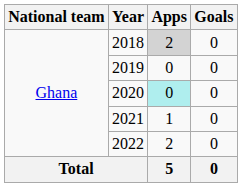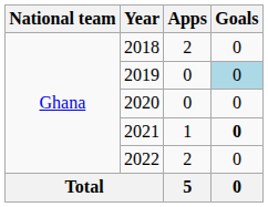 <table class="wikitable" style="text-align:center">
 <tr>
 <th>National team</th>
 <th>Year</th>
 <th>Apps</th>
 <th>Goals</th>
 </tr>
 <tr>
 <td rowspan="5"><a href='#'>Ghana</a></td>
 <td>2018</td>
-<td style="background: lightgrey;">2</td>
+<td>2</td>
 <td>0</td>
 </tr>
 <tr>
 <td>2019</td>
 <td>0</td>
-<td>0</td>
+<td style="background: lightblue;">0</td>
 </tr>
 <tr>
 <td>2020</td>
-<td style="background: paleturquoise;">0</td>
+<td>0</td>
 <td>0</td>
 </tr>
 <tr>
 <td>2021</td>
 <td>1</td>
-<td>0</td>
+<td><strong>0</strong></td>
 </tr>
 <tr>
 <td>2022</td>
 <td>2</td>
 <td>0</td>
 </tr>
 <tr>
 <th colspan="2">Total</th>
 <th>5</th>
 <th>0</th>
 </tr>
 </table>
